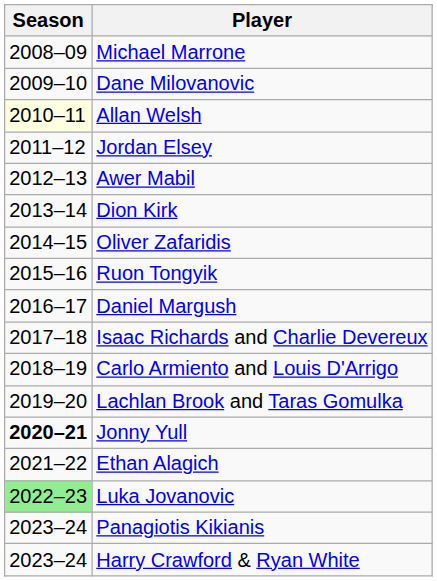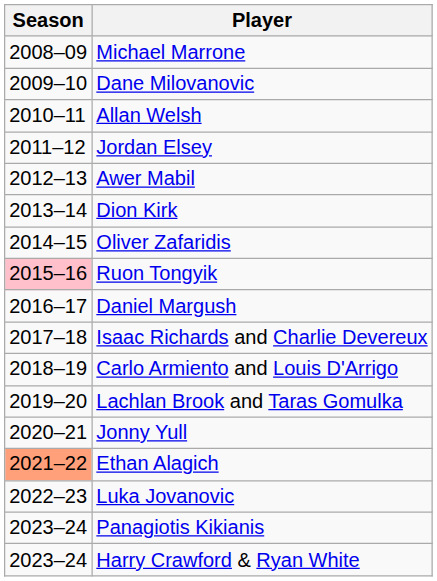 <table class="wikitable">
 <tr>
 <th>Season</th>
 <th>Player</th>
 </tr>
 <tr>
 <td>2008–09</td>
 <td><a href='#'>Michael Marrone</a></td>
 </tr>
 <tr>
 <td>2009–10</td>
 <td><a href='#'>Dane Milovanovic</a></td>
 </tr>
 <tr>
-<td style="background: lightyellow;">2010–11</td>
+<td>2010–11</td>
 <td><a href='#'>Allan Welsh</a></td>
 </tr>
 <tr>
 <td>2011–12</td>
 <td><a href='#'>Jordan Elsey</a></td>
 </tr>
 <tr>
 <td>2012–13</td>
 <td><a href='#'>Awer Mabil</a></td>
 </tr>
 <tr>
 <td>2013–14</td>
 <td><a href='#'>Dion Kirk</a></td>
 </tr>
 <tr>
 <td>2014–15</td>
 <td><a href='#'>Oliver Zafaridis</a></td>
 </tr>
 <tr>
-<td>2015–16</td>
+<td style="background: pink;">2015–16</td>
 <td><a href='#'>Ruon Tongyik</a></td>
 </tr>
 <tr>
 <td>2016–17</td>
 <td><a href='#'>Daniel Margush</a></td>
 </tr>
 <tr>
 <td>2017–18</td>
 <td><a href='#'>Isaac Richards</a> and <a href='#'>Charlie Devereux</a></td>
 </tr>
 <tr>
 <td>2018–19</td>
 <td><a href='#'>Carlo Armiento</a> and <a href='#'>Louis D'Arrigo</a></td>
 </tr>
 <tr>
 <td>2019–20</td>
 <td><a href='#'>Lachlan Brook</a> and <a href='#'>Taras Gomulka</a></td>
 </tr>
 <tr>
-<td><strong>2020–21</strong></td>
+<td>2020–21</td>
 <td><a href='#'>Jonny Yull</a></td>
 </tr>
 <tr>
-<td>2021–22</td>
+<td style="background: lightsalmon;">2021–22</td>
 <td><a href='#'>Ethan Alagich</a></td>
 </tr>
 <tr>
-<td style="background: lightgreen;">2022–23</td>
+<td>2022–23</td>
 <td><a href='#'>Luka Jovanovic</a></td>
 </tr>
 <tr>
 <td>2023–24</td>
 <td><a href='#'>Panagiotis Kikianis</a></td>
 </tr>
 <tr>
 <td>2023–24</td>
 <td><a href='#'>Harry Crawford</a> & <a href='#'>Ryan White</a></td>
 </tr>
 </table>
